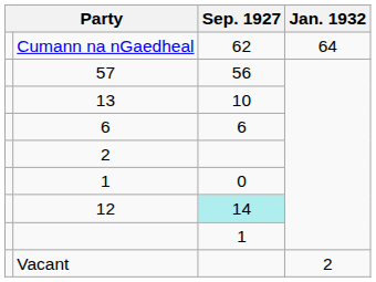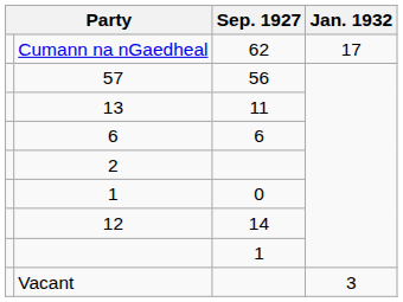 <table class="wikitable" style="font-size: 95%;">
 <tr>
 <th colspan=2>Party</th>
 <th>Sep. 1927</th>
 <th>Jan. 1932</th>
 </tr>
 <tr>
 <td style="background-color: "></td>
 <td><a href='#'>Cumann na nGaedheal</a></td>
 <td align="center">62</td>
-<td align="center">64</td>
+<td align="center">17</td>
 </tr>
 <tr>
 <td></td>
 <td align="center">57</td>
 <td align="center">56</td>
 </tr>
 <tr>
 <td></td>
 <td align="center">13</td>
-<td align="center">10</td>
+<td align="center">11</td>
 </tr>
 <tr>
 <td></td>
 <td align="center">6</td>
 <td align="center">6</td>
 </tr>
 <tr>
 <td></td>
 <td align="center">2</td>
 <td></td>
 </tr>
 <tr>
 <td></td>
 <td align="center">1</td>
 <td align="center">0</td>
 </tr>
 <tr>
 <td></td>
 <td align="center">12</td>
-<td align="center" style="background: paleturquoise;">14</td>
+<td align="center">14</td>
 </tr>
 <tr>
 <td></td>
 <td></td>
 <td align="center">1</td>
 </tr>
 <tr>
 <td></td>
 <td>Vacant</td>
 <td></td>
-<td align="center">2</td>
+<td align="center">3</td>
 </tr>
 </table>
